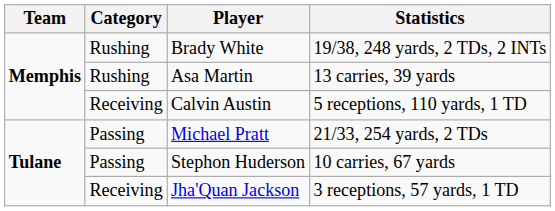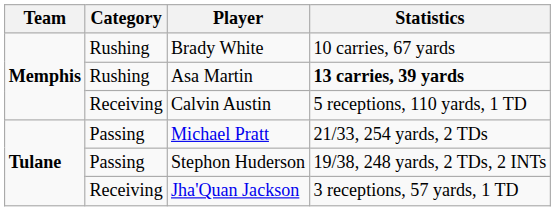 <table class="wikitable" style="float: left;">
 <tr>
 <th>Team</th>
 <th>Category</th>
 <th>Player</th>
 <th>Statistics</th>
 </tr>
 <tr>
 <td rowspan=3><strong>Memphis</strong></td>
 <td>Rushing</td>
 <td>Brady White</td>
-<td>19/38, 248 yards, 2 TDs, 2 INTs</td>
+<td>10 carries, 67 yards</td>
 </tr>
 <tr>
 <td>Rushing</td>
 <td>Asa Martin</td>
-<td>13 carries, 39 yards</td>
+<td><strong>13 carries, 39 yards</strong></td>
 </tr>
 <tr>
 <td>Receiving</td>
 <td>Calvin Austin</td>
 <td>5 receptions, 110 yards, 1 TD</td>
 </tr>
 <tr>
 <td rowspan=3><strong>Tulane</strong></td>
 <td>Passing</td>
 <td><a href='#'>Michael Pratt</a></td>
 <td>21/33, 254 yards, 2 TDs</td>
 </tr>
 <tr>
 <td>Passing</td>
 <td>Stephon Huderson</td>
-<td>10 carries, 67 yards</td>
+<td>19/38, 248 yards, 2 TDs, 2 INTs</td>
 </tr>
 <tr>
 <td>Receiving</td>
 <td><a href='#'>Jha'Quan Jackson</a></td>
 <td>3 receptions, 57 yards, 1 TD</td>
 </tr>
 </table>
